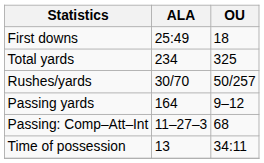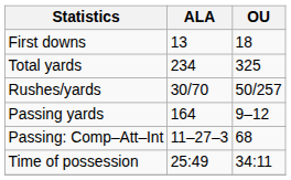 <table class="wikitable" style="float: left;">
 <tr>
 <th>Statistics</th>
 <th>ALA</th>
 <th>OU</th>
 </tr>
 <tr>
 <td>First downs</td>
-<td>25:49</td>
+<td>13</td>
 <td>18</td>
 </tr>
 <tr>
 <td>Total yards</td>
 <td>234</td>
 <td>325</td>
 </tr>
 <tr>
 <td>Rushes/yards</td>
 <td>30/70</td>
 <td>50/257</td>
 </tr>
 <tr>
 <td>Passing yards</td>
 <td>164</td>
 <td>9–12</td>
 </tr>
 <tr>
 <td>Passing: Comp–Att–Int</td>
 <td>11–27–3</td>
 <td>68</td>
 </tr>
 <tr>
 <td>Time of possession</td>
-<td>13</td>
+<td>25:49</td>
 <td>34:11</td>
 </tr>
 <tr>
 </tr>
 </table>
